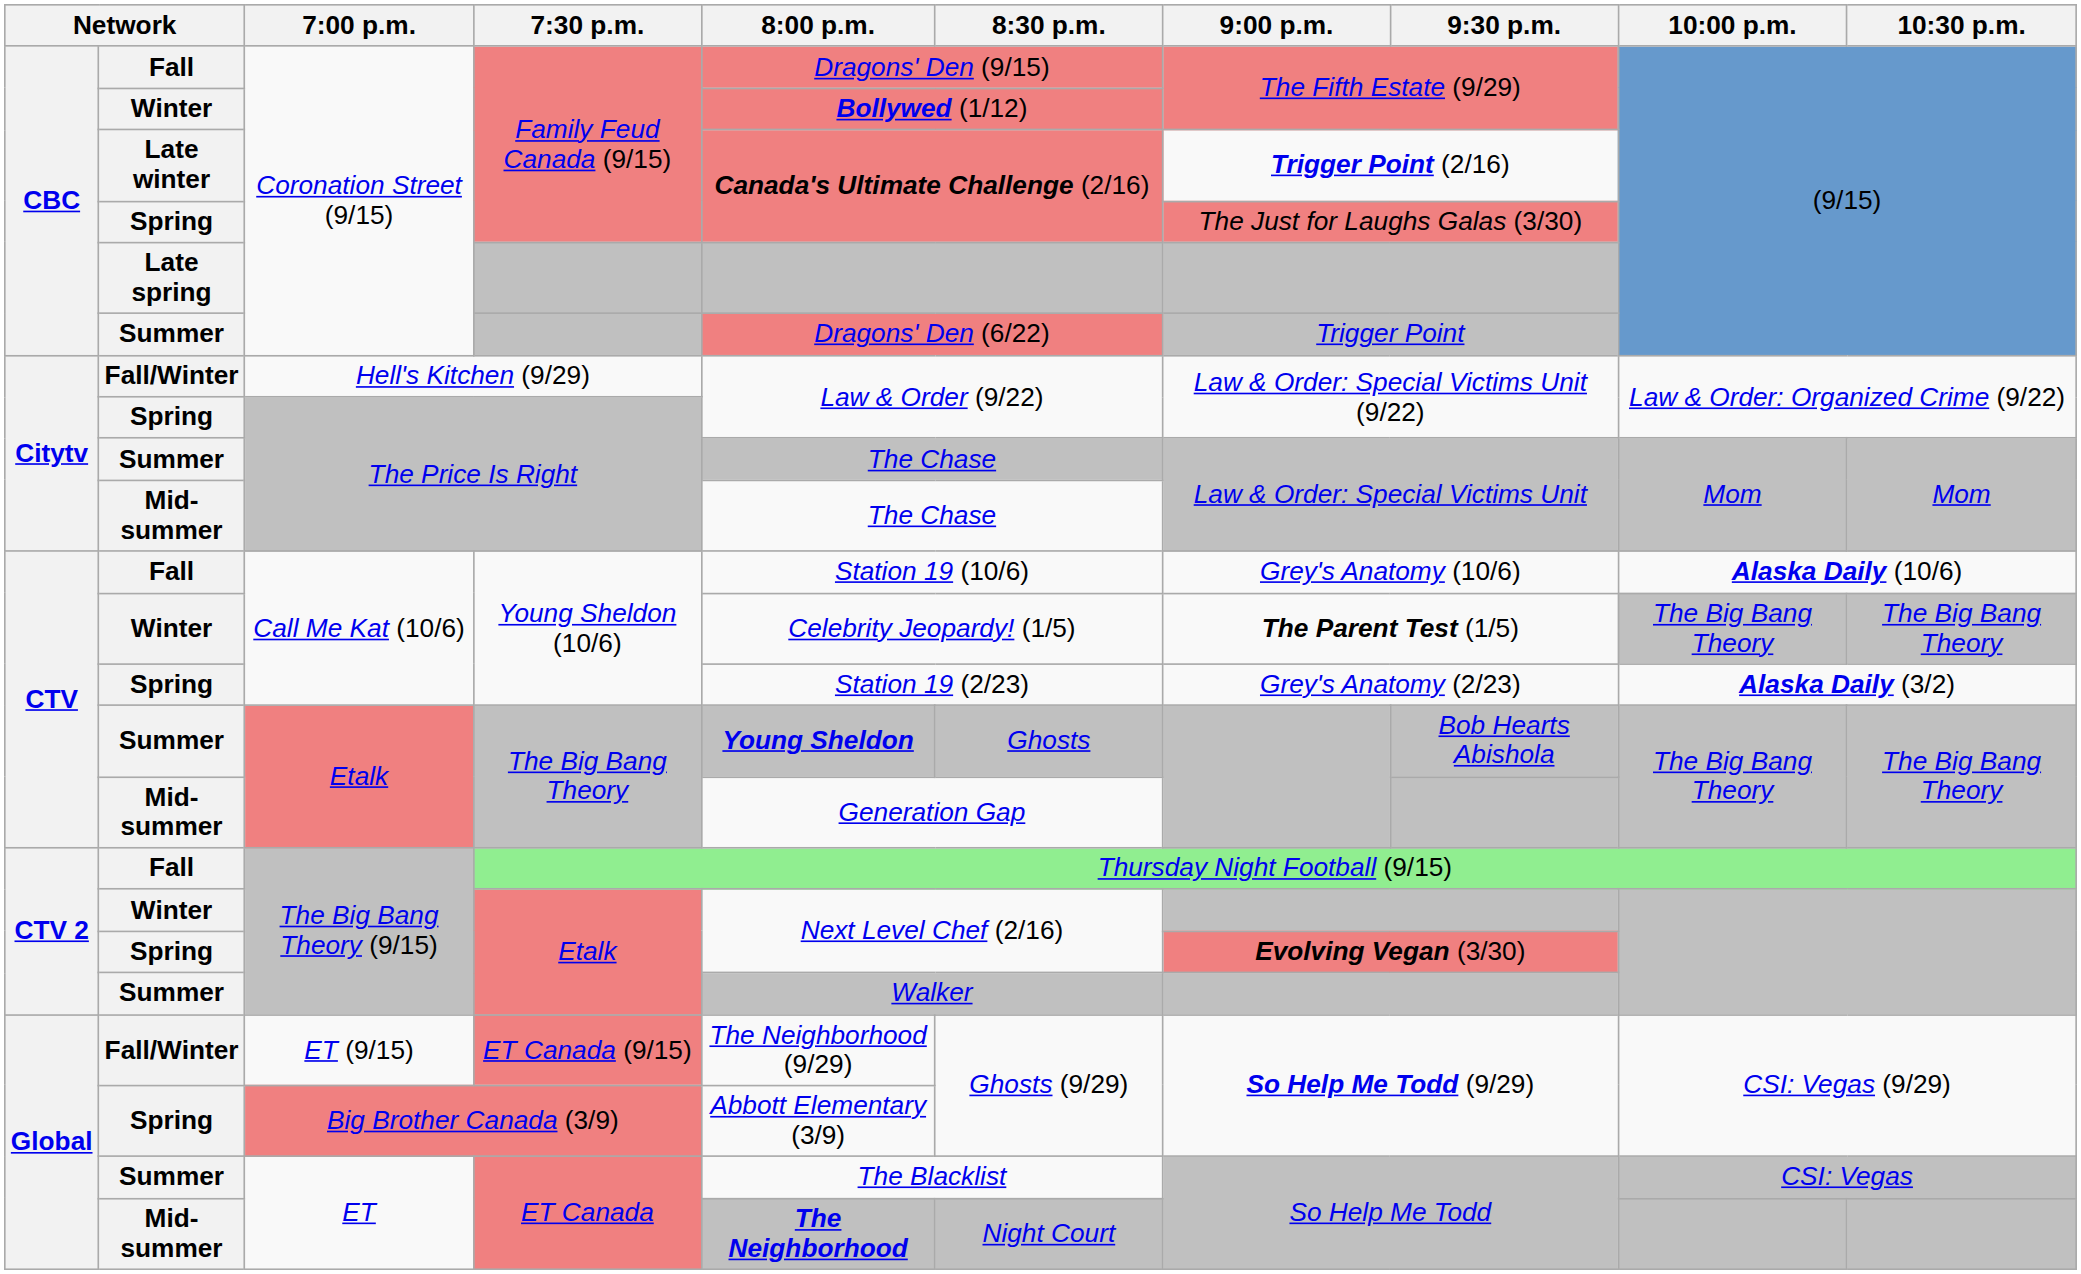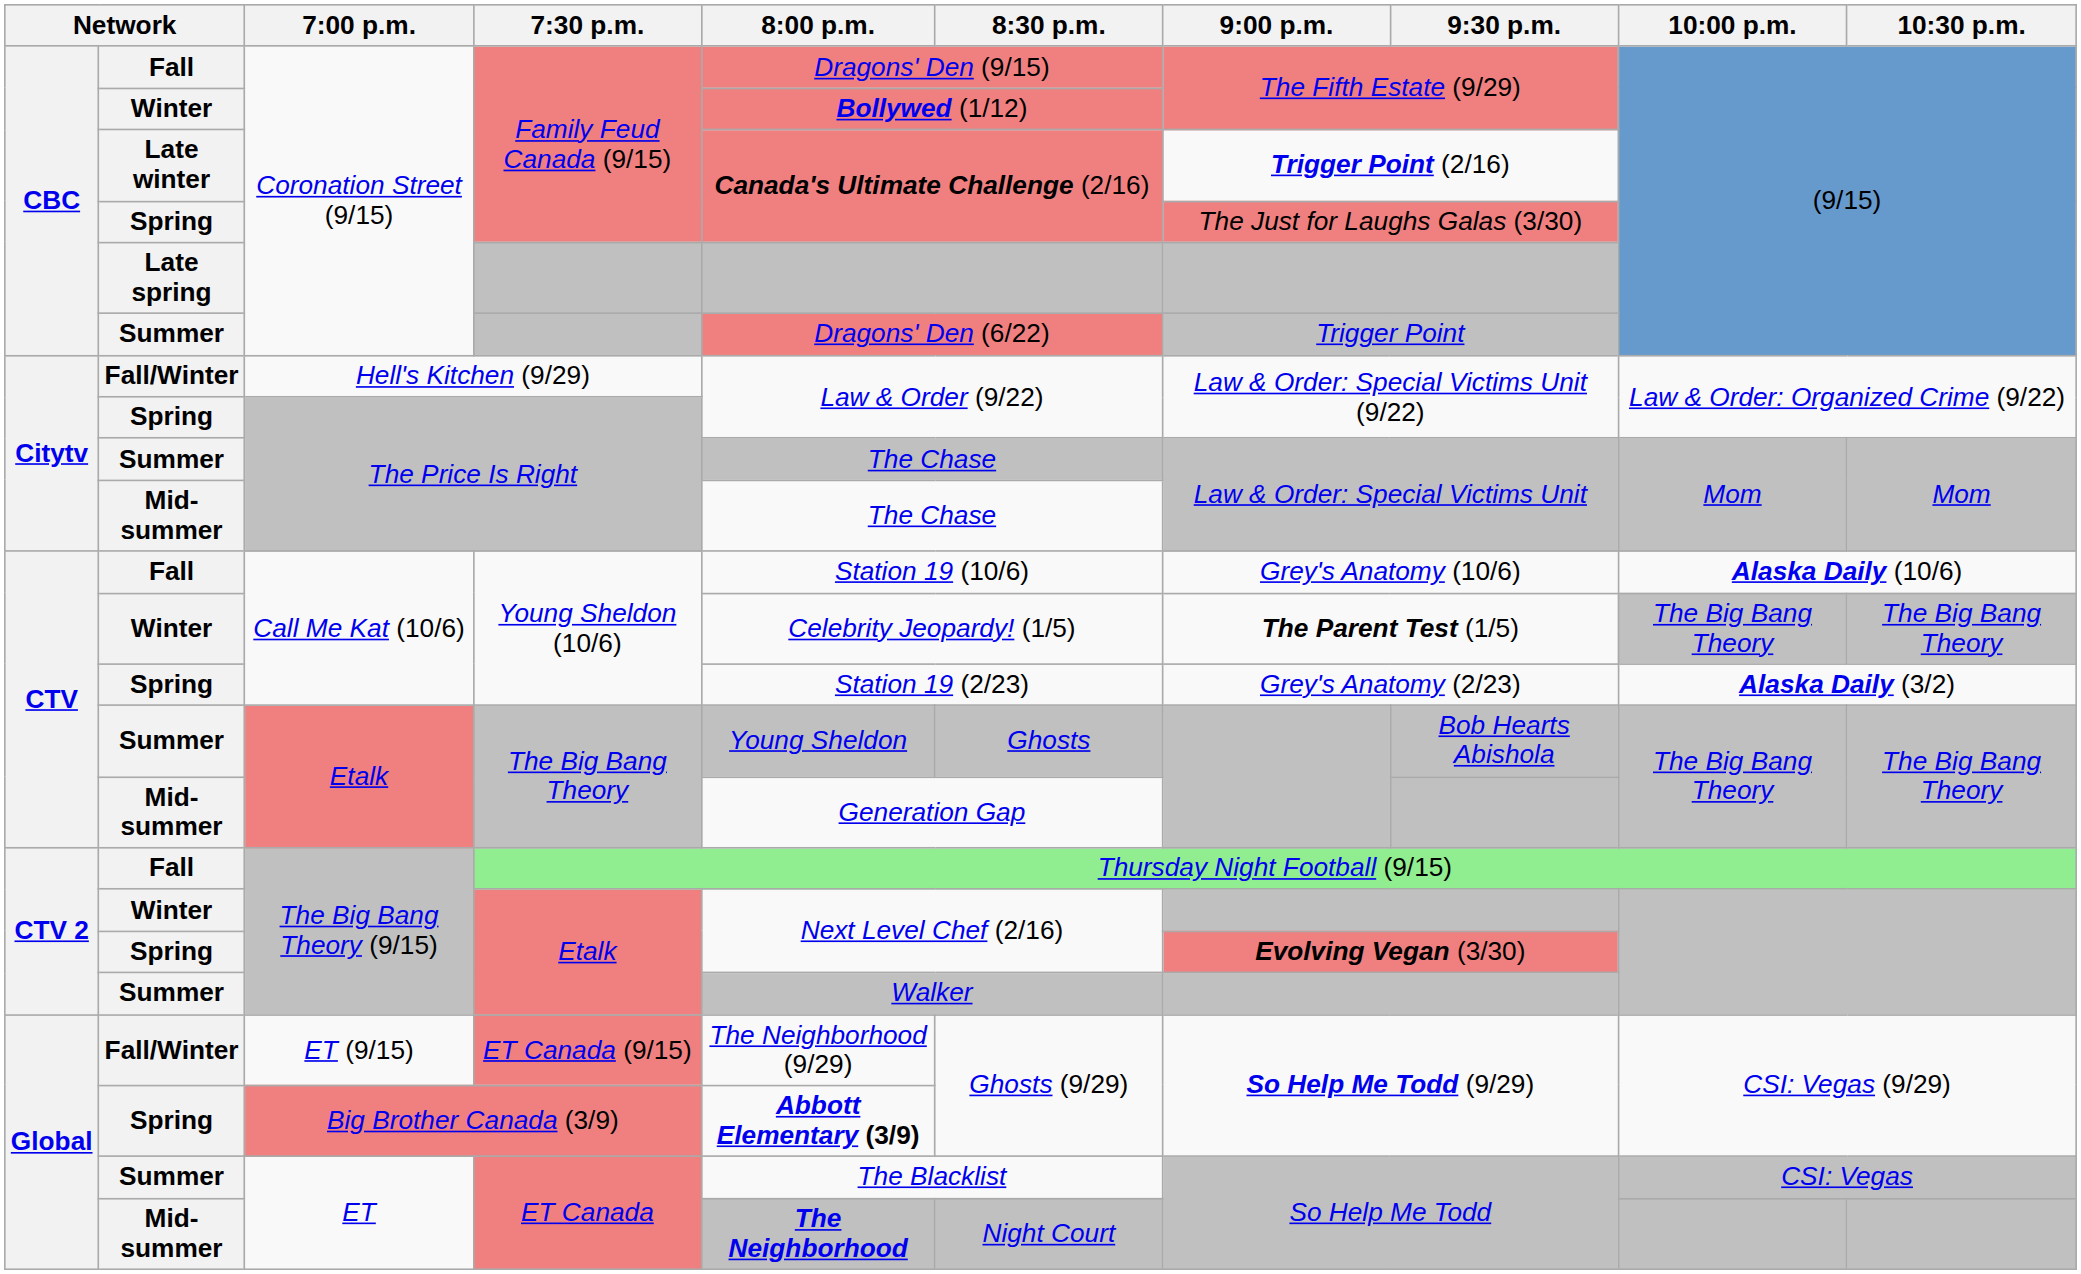 <table class=wikitable style=width:100%;margin-right:0;text-align:center>
 <tr>
 <th style=width:8% colspan=2>Network</th>
 <th style=width:11.5%>7:00 p.m.</th>
 <th style=width:11.5%>7:30 p.m.</th>
 <th style=width:11.5%>8:00 p.m.</th>
 <th style=width:11.5%>8:30 p.m.</th>
 <th style=width:11.5%>9:00 p.m.</th>
 <th style=width:11.5%>9:30 p.m.</th>
 <th style=width:11.5%>10:00 p.m.</th>
 <th style=width:11.5%>10:30 p.m.</th>
 </tr>
 <tr>
 <th rowspan=6><a href='#'>CBC</a></th>
 <th>Fall</th>
 <td rowspan=6><em><a href='#'>Coronation Street</a></em> (9/15)</td>
 <td style=background:#F08080 rowspan=4><em><a href='#'>Family Feud Canada</a></em> (9/15)</td>
 <td colspan=2 style=background:#F08080><em><a href='#'>Dragons' Den</a></em> (9/15)</td>
 <td colspan=2 style=background:#F08080 rowspan=2><em><a href='#'>The Fifth Estate</a></em> (9/29)</td>
 <td colspan=2 style=background:#6699CC rowspan=6> (9/15)</td>
 </tr>
 <tr>
 <th>Winter</th>
 <td colspan=2 style=background:#F08080><strong><em><a href='#'>Bollywed</a></em></strong> (1/12)</td>
 </tr>
 <tr>
 <th>Late winter</th>
 <td colspan=2 style=background:#F08080 rowspan=2><strong><em>Canada's Ultimate Challenge</em></strong> (2/16)</td>
 <td colspan=2><strong><em><a href='#'>Trigger Point</a></em></strong> (2/16)</td>
 </tr>
 <tr>
 <th>Spring</th>
 <td colspan=2 style=background:#F08080><em>The Just for Laughs Galas</em> (3/30)</td>
 </tr>
 <tr>
 <th>Late spring</th>
 <td style=background:#C0C0C0> </td>
 <td style=background:#C0C0C0 colspan=2> </td>
 <td style=background:#C0C0C0 colspan=2> </td>
 </tr>
 <tr>
 <th>Summer</th>
 <td style=background:#C0C0C0> </td>
 <td style=background:#F08080 colspan=2><em><a href='#'>Dragons' Den</a></em> (6/22)</td>
 <td style=background:#C0C0C0 colspan=2><em><a href='#'>Trigger Point</a></em>  </td>
 </tr>
 <tr>
 <th rowspan=4><a href='#'>Citytv</a></th>
 <th>Fall/Winter</th>
 <td colspan=2><em><a href='#'>Hell's Kitchen</a></em> (9/29)</td>
 <td colspan=2 rowspan=2><em><a href='#'>Law & Order</a></em> (9/22)</td>
 <td colspan=2 rowspan=2><em><a href='#'>Law & Order: Special Victims Unit</a></em> (9/22)</td>
 <td colspan=2 rowspan=2><em><a href='#'>Law & Order: Organized Crime</a></em>  (9/22)</td>
 </tr>
 <tr>
 <th>Spring</th>
 <td colspan=2 rowspan=3 style=background:#C0C0C0><em><a href='#'>The Price Is Right</a></em> </td>
 </tr>
 <tr>
 <th>Summer</th>
 <td colspan=2 style=background:#C0C0C0><em><a href='#'>The Chase</a></em> </td>
 <td style=background:#C0C0C0 colspan=2 rowspan=2><em><a href='#'>Law & Order: Special Victims Unit</a></em> </td>
 <td style=background:#C0C0C0 rowspan=2><em><a href='#'>Mom</a></em> </td>
 <td style=background:#C0C0C0 rowspan=2><em><a href='#'>Mom</a></em> </td>
 </tr>
 <tr>
 <th>Mid-summer</th>
 <td colspan=2><em><a href='#'>The Chase</a></em></td>
 </tr>
 <tr>
 <th rowspan=5><a href='#'>CTV</a></th>
 <th>Fall</th>
 <td rowspan=3><em><a href='#'>Call Me Kat</a></em> (10/6)</td>
 <td rowspan=3><em><a href='#'>Young Sheldon</a></em> (10/6)</td>
 <td colspan=2><em><a href='#'>Station 19</a></em> (10/6)</td>
 <td colspan=2><em><a href='#'>Grey's Anatomy</a></em> (10/6)</td>
 <td colspan=2><strong><em><a href='#'>Alaska Daily</a></em></strong> (10/6)</td>
 </tr>
 <tr>
 <th>Winter</th>
 <td colspan=2><em><a href='#'>Celebrity Jeopardy!</a></em> (1/5)</td>
 <td colspan=2><strong><em>The Parent Test</em></strong> (1/5)</td>
 <td style=background:#C0C0C0><em><a href='#'>The Big Bang Theory</a></em> </td>
 <td style=background:#C0C0C0><em><a href='#'>The Big Bang Theory</a></em> </td>
 </tr>
 <tr>
 <th>Spring</th>
 <td colspan=2><em><a href='#'>Station 19</a></em> (2/23)</td>
 <td colspan=2><em><a href='#'>Grey's Anatomy</a></em> (2/23)</td>
 <td colspan=2><strong><em><a href='#'>Alaska Daily</a></em></strong> (3/2)</td>
 </tr>
 <tr>
 <th>Summer</th>
 <td style=background:#F08080 rowspan=2><em><a href='#'>Etalk</a></em></td>
 <td style=background:#C0C0C0 rowspan=2><em><a href='#'>The Big Bang Theory</a></em> </td>
-<td style=background:#C0C0C0><strong><em><a href='#'>Young Sheldon</a></em> </strong></td>
+<td style=background:#C0C0C0><em><a href='#'>Young Sheldon</a></em> </td>
 <td style=background:#C0C0C0><em><a href='#'>Ghosts</a></em> </td>
 <td style=background:#C0C0C0 rowspan=2> </td>
 <td style=background:#C0C0C0><em><a href='#'>Bob Hearts Abishola</a></em> </td>
 <td style=background:#C0C0C0 rowspan=2><em><a href='#'>The Big Bang Theory</a></em> </td>
 <td style=background:#C0C0C0 rowspan=2><em><a href='#'>The Big Bang Theory</a></em> </td>
 </tr>
 <tr>
 <th>Mid-summer</th>
 <td colspan=2><em><a href='#'>Generation Gap</a></em></td>
 <td style=background:#C0C0C0> </td>
 </tr>
 <tr>
 <th rowspan=4><a href='#'>CTV 2</a></th>
 <th>Fall</th>
 <td style=background:#C0C0C0 rowspan=4><em><a href='#'>The Big Bang Theory</a></em>  (9/15)</td>
 <td style=background:lightgreen colspan=7><em><a href='#'>Thursday Night Football</a></em> (9/15)</td>
 </tr>
 <tr>
 <th>Winter</th>
 <td style=background:#F08080 rowspan=3><em><a href='#'>Etalk</a></em></td>
 <td colspan=2 rowspan=2><em><a href='#'>Next Level Chef</a></em>  (2/16)</td>
 <td style=background:#C0C0C0 colspan=2></td>
 <td style=background:#C0C0C0 colspan=2 rowspan=3></td>
 </tr>
 <tr>
 <th>Spring</th>
 <td style=background:#F08080 colspan=2><strong><em>Evolving Vegan</em></strong> (3/30)</td>
 </tr>
 <tr>
 <th>Summer</th>
 <td style=background:#C0C0C0 colspan=2><em><a href='#'>Walker</a></em> </td>
 <td style=background:#C0C0C0 colspan=2></td>
 </tr>
 <tr>
 <th rowspan=4><a href='#'>Global</a></th>
 <th>Fall/Winter</th>
 <td><em><a href='#'>ET</a></em> (9/15)</td>
 <td style=background:#f08080><em><a href='#'>ET Canada</a></em> (9/15)</td>
 <td><em><a href='#'>The Neighborhood</a></em> (9/29)</td>
 <td rowspan=2><em><a href='#'>Ghosts</a></em> (9/29)</td>
 <td colspan=2 rowspan=2><strong><em><a href='#'>So Help Me Todd</a></em></strong> (9/29)</td>
 <td colspan=2 rowspan=2><em><a href='#'>CSI: Vegas</a></em> (9/29)</td>
 </tr>
 <tr>
 <th>Spring</th>
 <td colspan=2 style=background:#f08080><em><a href='#'>Big Brother Canada</a></em> (3/9)</td>
-<td><em><a href='#'>Abbott Elementary</a></em> (3/9)</td>
+<td><strong><em><a href='#'>Abbott Elementary</a></em> (3/9)</strong></td>
 </tr>
 <tr>
 <th>Summer</th>
 <td rowspan=2><em><a href='#'>ET</a></em></td>
 <td style=background:#f08080 rowspan=2><em><a href='#'>ET Canada</a></em></td>
 <td colspan=2><em><a href='#'>The Blacklist</a></em></td>
 <td colspan=2 style=background:#C0C0C0 rowspan=2><em><a href='#'>So Help Me Todd</a></em> </td>
 <td colspan=2 style=background:#C0C0C0><em><a href='#'>CSI: Vegas</a></em> </td>
 </tr>
 <tr>
 <th>Mid-summer</th>
 <td style=background:#C0C0C0><strong><em><a href='#'>The Neighborhood</a></em> </strong></td>
 <td style=background:#C0C0C0><em><a href='#'>Night Court</a></em> </td>
 <td style=background:#C0C0C0><em></em> </td>
 <td style=background:#C0C0C0><em></em> </td>
 </tr>
 </table>
